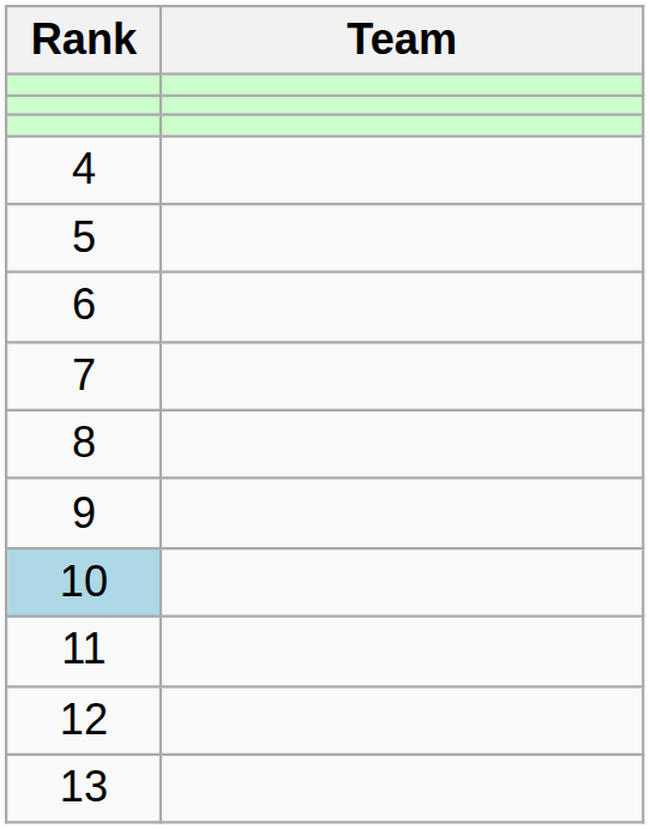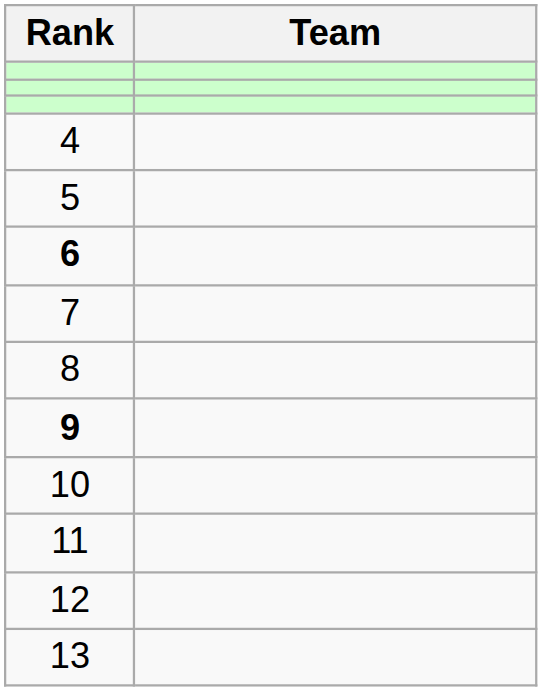 <table class="wikitable" style="text-align: center">
 <tr>
 <th width=50>Rank</th>
 <th width=170>Team</th>
 </tr>
 <tr bgcolor=#ccffcc>
 <td></td>
 <td align=left></td>
 </tr>
 <tr bgcolor=#ccffcc>
 <td></td>
 <td align=left></td>
 </tr>
 <tr bgcolor=#ccffcc>
 <td></td>
 <td align=left></td>
 </tr>
 <tr>
 <td>4</td>
 <td align=left></td>
 </tr>
 <tr>
 <td>5</td>
 <td align=left></td>
 </tr>
 <tr>
-<td>6</td>
+<td><strong>6</strong></td>
 <td align=left></td>
 </tr>
 <tr>
 <td>7</td>
 <td align=left></td>
 </tr>
 <tr>
 <td>8</td>
 <td align=left></td>
 </tr>
 <tr>
-<td>9</td>
+<td><strong>9</strong></td>
 <td align=left></td>
 </tr>
 <tr>
-<td style="background: lightblue;">10</td>
+<td>10</td>
 <td align=left></td>
 </tr>
 <tr>
 <td>11</td>
 <td align=left></td>
 </tr>
 <tr>
 <td>12</td>
 <td align=left></td>
 </tr>
 <tr>
 <td>13</td>
 <td align=left></td>
 </tr>
 </table>
